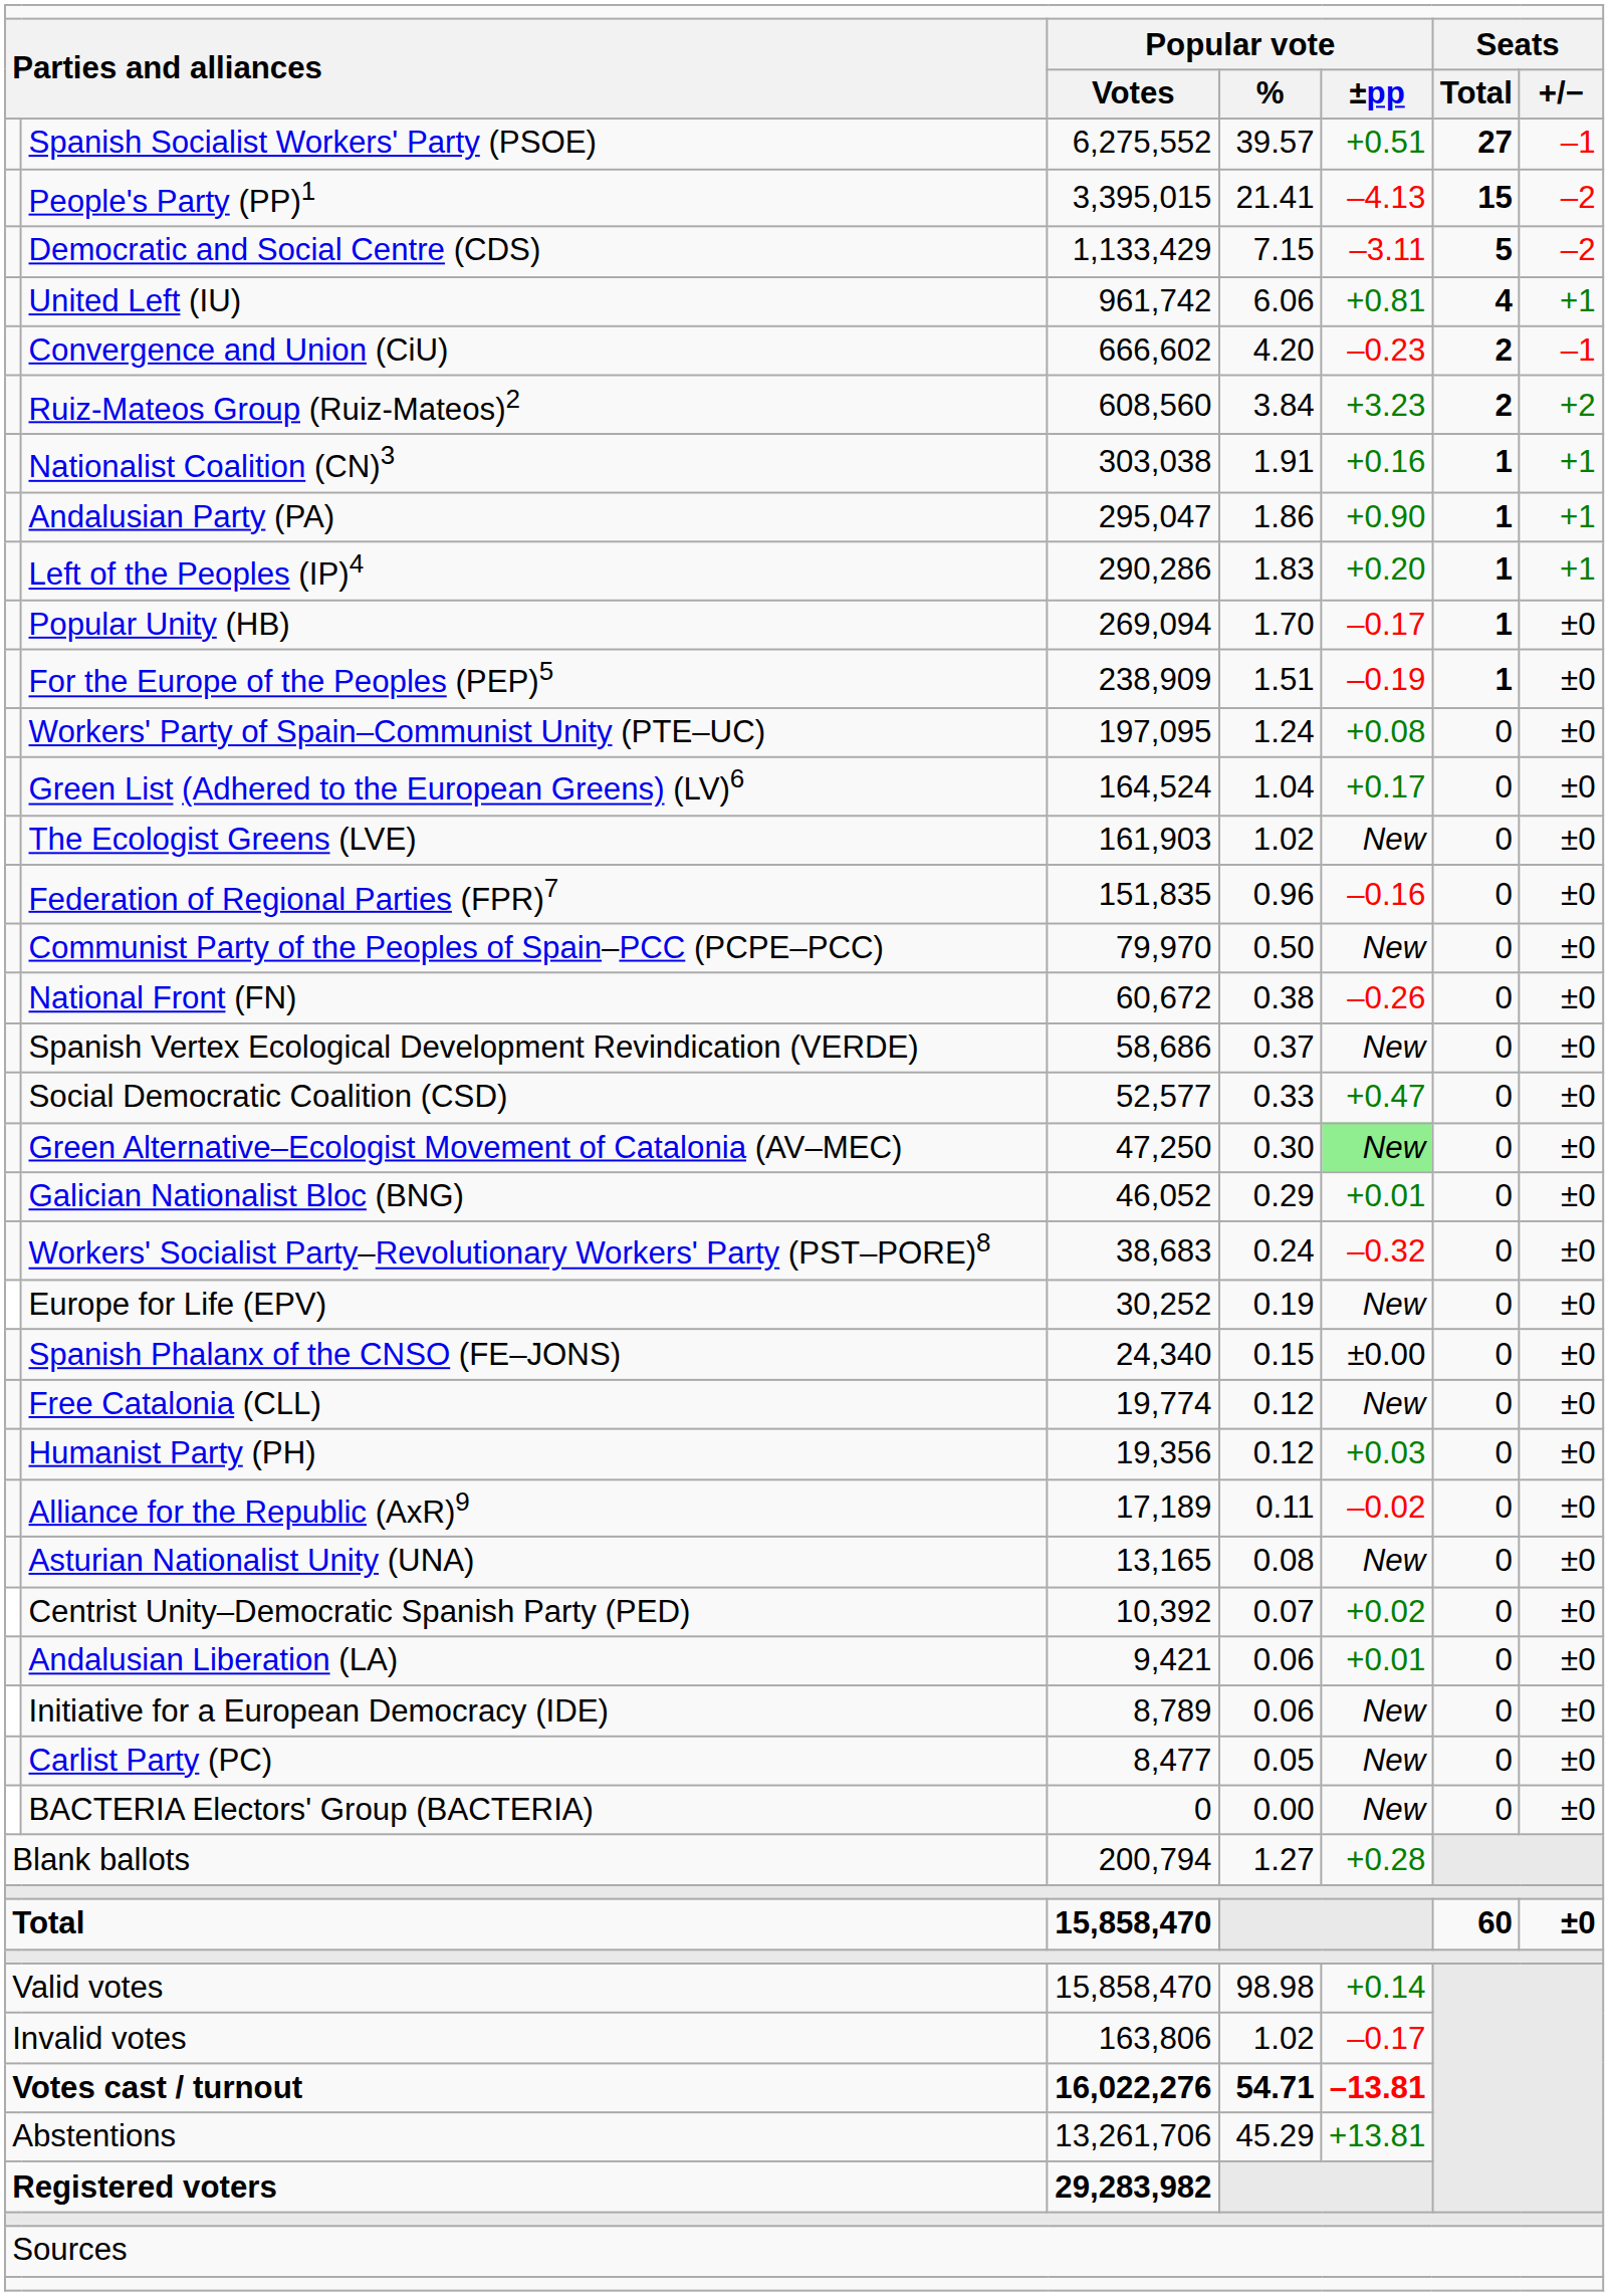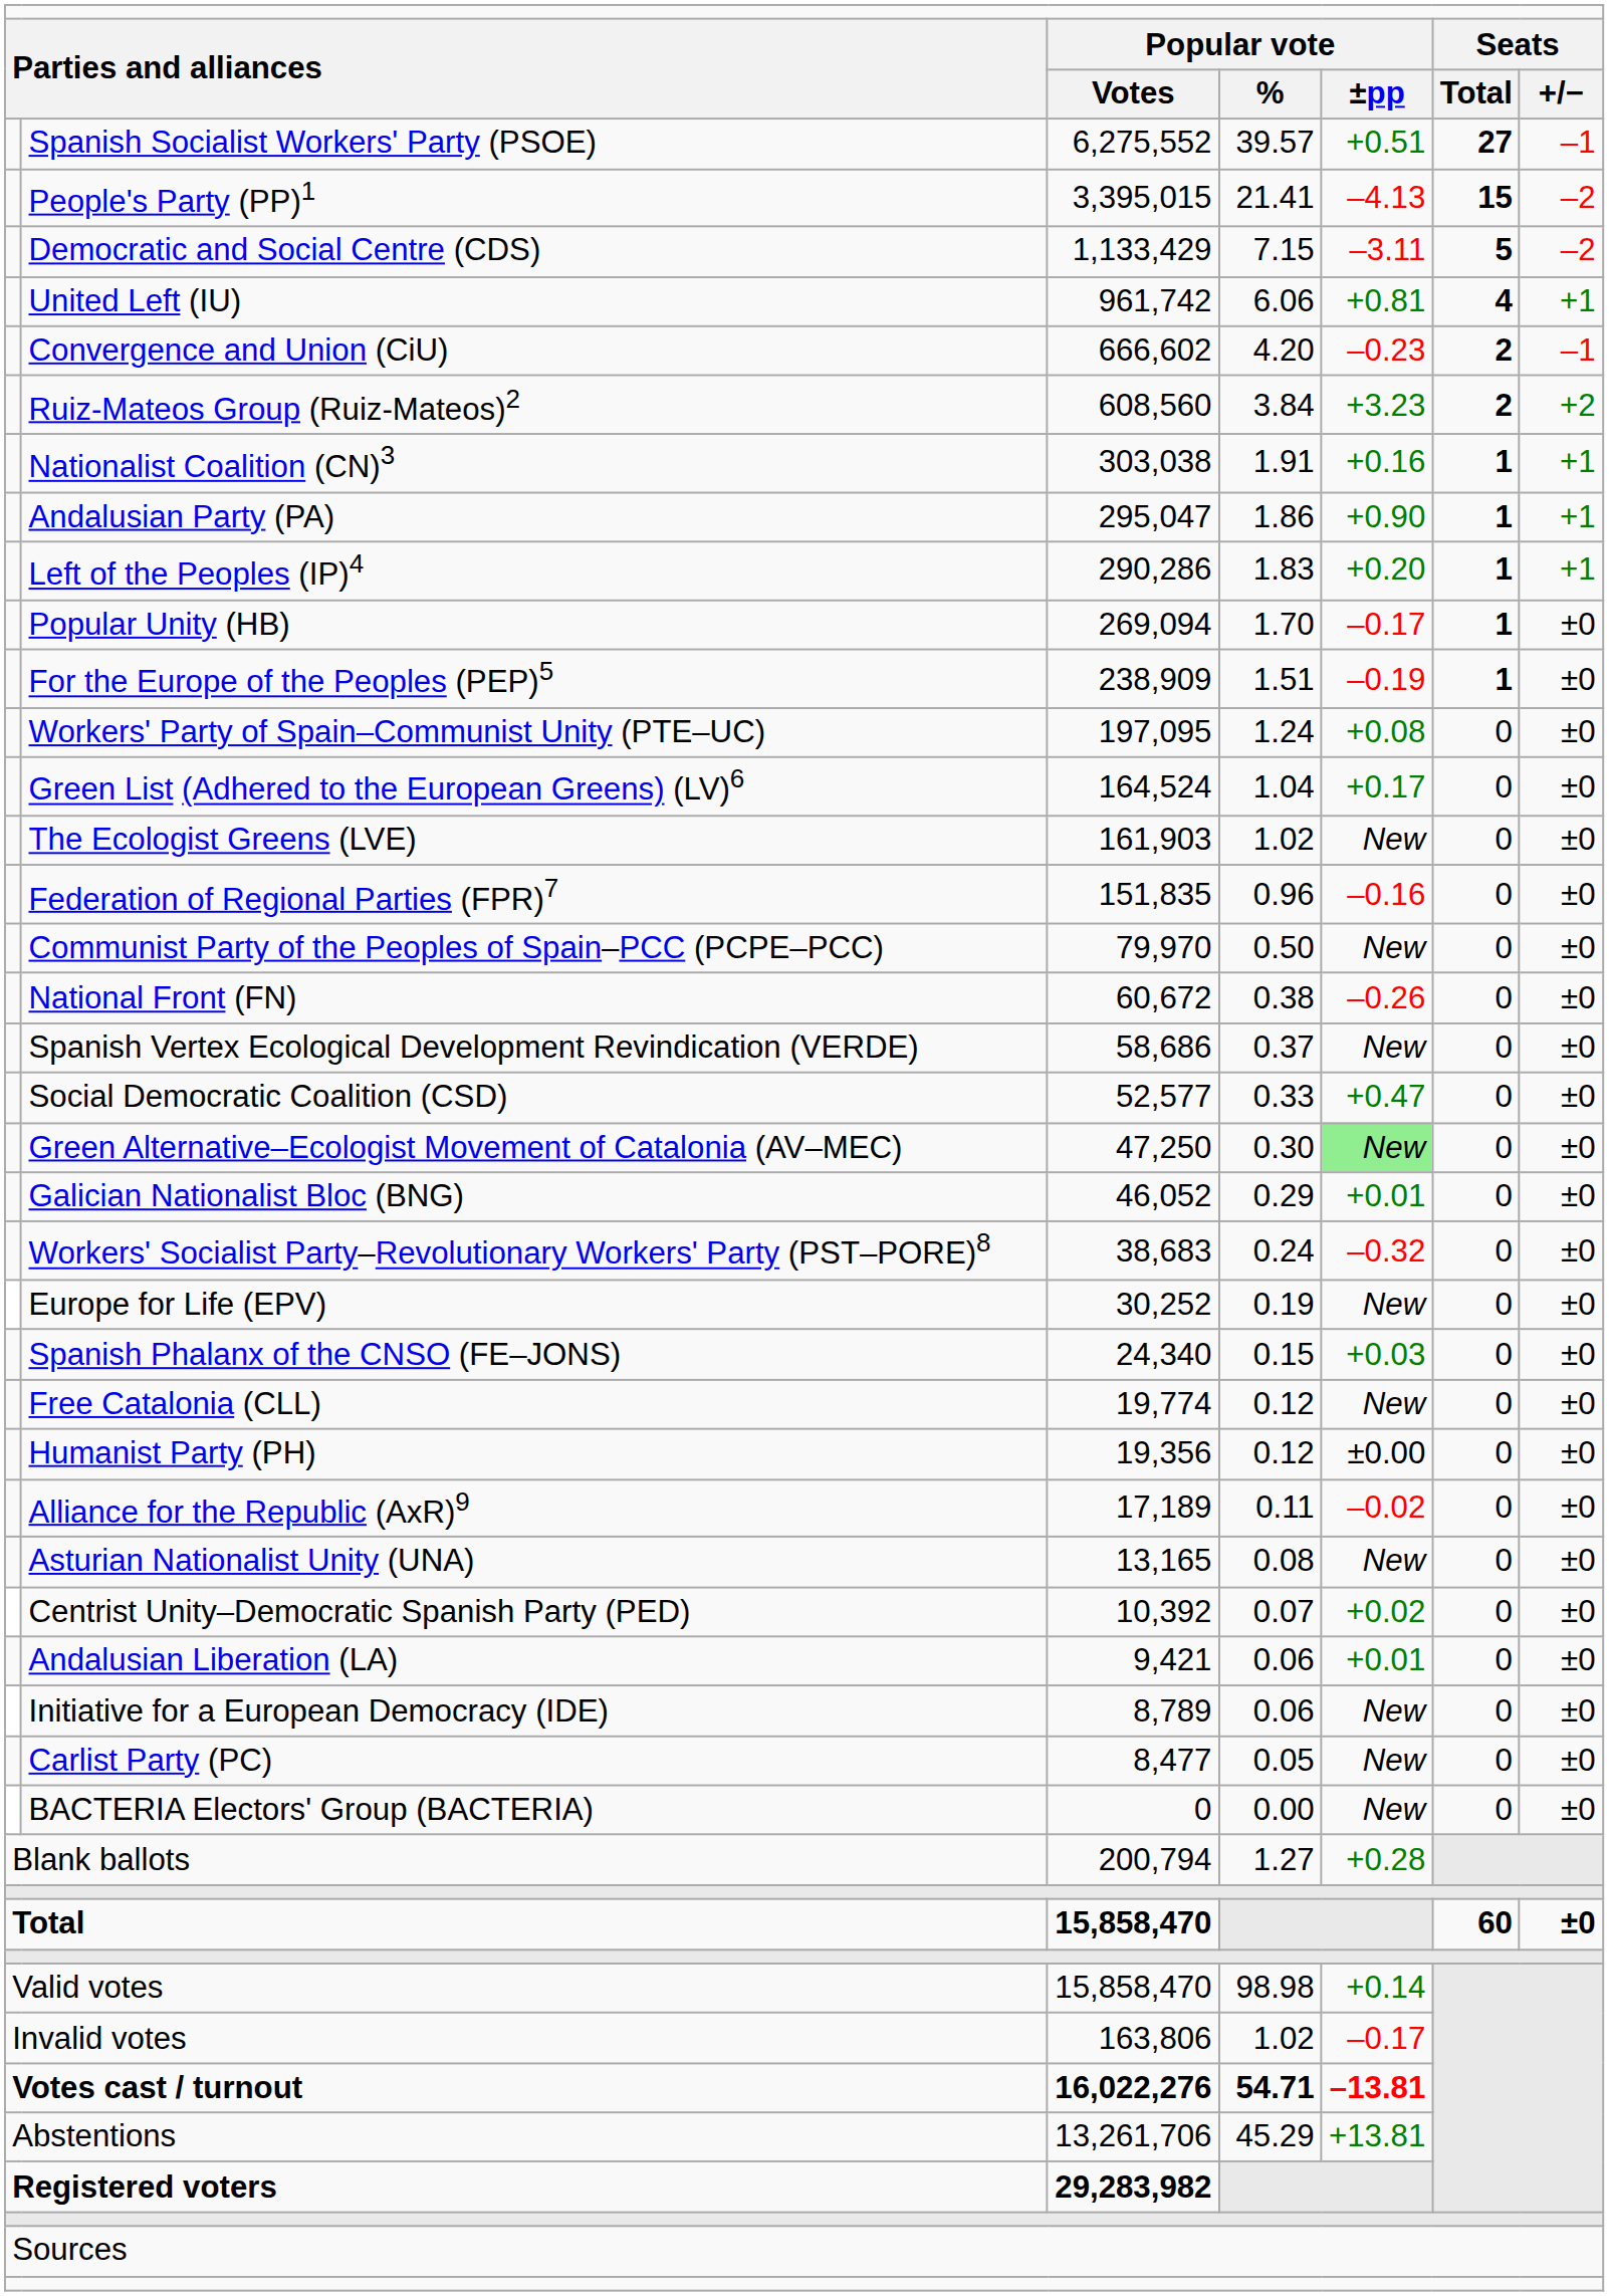 <table class="wikitable" style="text-align:right;">
 <tr>
 <td colspan="7"></td>
 </tr>
 <tr>
 <th style="text-align:left;" rowspan="2" colspan="2" width="525">Parties and alliances</th>
 <th colspan="3">Popular vote</th>
 <th colspan="2">Seats</th>
 </tr>
 <tr>
 <th width="75">Votes</th>
 <th width="45">%</th>
 <th width="45">±<a href='#'>pp</a></th>
 <th width="35">Total</th>
 <th width="35">+/−</th>
 </tr>
 <tr>
 <td width="1" style="color:inherit;background:"></td>
 <td align="left"><a href='#'>Spanish Socialist Workers' Party</a> (PSOE)</td>
 <td>6,275,552</td>
 <td>39.57</td>
 <td style="color:green;">+0.51</td>
 <td><strong>27</strong></td>
 <td style="color:red;">–1</td>
 </tr>
 <tr>
 <td style="color:inherit;background:"></td>
 <td align="left"><a href='#'>People's Party</a> (PP)<sup>1</sup></td>
 <td>3,395,015</td>
 <td>21.41</td>
 <td style="color:red;">–4.13</td>
 <td><strong>15</strong></td>
 <td style="color:red;">–2</td>
 </tr>
 <tr>
 <td style="color:inherit;background:"></td>
 <td align="left"><a href='#'>Democratic and Social Centre</a> (CDS)</td>
 <td>1,133,429</td>
 <td>7.15</td>
 <td style="color:red;">–3.11</td>
 <td><strong>5</strong></td>
 <td style="color:red;">–2</td>
 </tr>
 <tr>
 <td style="color:inherit;background:"></td>
 <td align="left"><a href='#'>United Left</a> (IU)</td>
 <td>961,742</td>
 <td>6.06</td>
 <td style="color:green;">+0.81</td>
 <td><strong>4</strong></td>
 <td style="color:green;">+1</td>
 </tr>
 <tr>
 <td style="color:inherit;background:"></td>
 <td align="left"><a href='#'>Convergence and Union</a> (CiU)</td>
 <td>666,602</td>
 <td>4.20</td>
 <td style="color:red;">–0.23</td>
 <td><strong>2</strong></td>
 <td style="color:red;">–1</td>
 </tr>
 <tr>
 <td style="color:inherit;background:"></td>
 <td align="left"><a href='#'>Ruiz-Mateos Group</a> (Ruiz-Mateos)<sup>2</sup></td>
 <td>608,560</td>
 <td>3.84</td>
 <td style="color:green;">+3.23</td>
 <td><strong>2</strong></td>
 <td style="color:green;">+2</td>
 </tr>
 <tr>
 <td style="color:inherit;background:"></td>
 <td align="left"><a href='#'>Nationalist Coalition</a> (CN)<sup>3</sup></td>
 <td>303,038</td>
 <td>1.91</td>
 <td style="color:green;">+0.16</td>
 <td><strong>1</strong></td>
 <td style="color:green;">+1</td>
 </tr>
 <tr>
 <td style="color:inherit;background:"></td>
 <td align="left"><a href='#'>Andalusian Party</a> (PA)</td>
 <td>295,047</td>
 <td>1.86</td>
 <td style="color:green;">+0.90</td>
 <td><strong>1</strong></td>
 <td style="color:green;">+1</td>
 </tr>
 <tr>
 <td style="color:inherit;background:"></td>
 <td align="left"><a href='#'>Left of the Peoples</a> (IP)<sup>4</sup></td>
 <td>290,286</td>
 <td>1.83</td>
 <td style="color:green;">+0.20</td>
 <td><strong>1</strong></td>
 <td style="color:green;">+1</td>
 </tr>
 <tr>
 <td style="color:inherit;background:"></td>
 <td align="left"><a href='#'>Popular Unity</a> (HB)</td>
 <td>269,094</td>
 <td>1.70</td>
 <td style="color:red;">–0.17</td>
 <td><strong>1</strong></td>
 <td>±0</td>
 </tr>
 <tr>
 <td style="color:inherit;background:"></td>
 <td align="left"><a href='#'>For the Europe of the Peoples</a> (PEP)<sup>5</sup></td>
 <td>238,909</td>
 <td>1.51</td>
 <td style="color:red;">–0.19</td>
 <td><strong>1</strong></td>
 <td>±0</td>
 </tr>
 <tr>
 <td style="color:inherit;background:"></td>
 <td align="left"><a href='#'>Workers' Party of Spain–Communist Unity</a> (PTE–UC)</td>
 <td>197,095</td>
 <td>1.24</td>
 <td style="color:green;">+0.08</td>
 <td>0</td>
 <td>±0</td>
 </tr>
 <tr>
 <td style="color:inherit;background:"></td>
 <td align="left"><a href='#'>Green List</a> <a href='#'>(Adhered to the European Greens)</a> (LV)<sup>6</sup></td>
 <td>164,524</td>
 <td>1.04</td>
 <td style="color:green;">+0.17</td>
 <td>0</td>
 <td>±0</td>
 </tr>
 <tr>
 <td style="color:inherit;background:"></td>
 <td align="left"><a href='#'>The Ecologist Greens</a> (LVE)</td>
 <td>161,903</td>
 <td>1.02</td>
 <td><em>New</em></td>
 <td>0</td>
 <td>±0</td>
 </tr>
 <tr>
 <td style="color:inherit;background:"></td>
 <td align="left"><a href='#'>Federation of Regional Parties</a> (FPR)<sup>7</sup></td>
 <td>151,835</td>
 <td>0.96</td>
 <td style="color:red;">–0.16</td>
 <td>0</td>
 <td>±0</td>
 </tr>
 <tr>
 <td style="color:inherit;background:"></td>
 <td align="left"><a href='#'>Communist Party of the Peoples of Spain</a>–<a href='#'>PCC</a> (PCPE–PCC)</td>
 <td>79,970</td>
 <td>0.50</td>
 <td><em>New</em></td>
 <td>0</td>
 <td>±0</td>
 </tr>
 <tr>
 <td style="color:inherit;background:"></td>
 <td align="left"><a href='#'>National Front</a> (FN)</td>
 <td>60,672</td>
 <td>0.38</td>
 <td style="color:red;">–0.26</td>
 <td>0</td>
 <td>±0</td>
 </tr>
 <tr>
 <td style="color:inherit;background:"></td>
 <td align="left">Spanish Vertex Ecological Development Revindication (VERDE)</td>
 <td>58,686</td>
 <td>0.37</td>
 <td><em>New</em></td>
 <td>0</td>
 <td>±0</td>
 </tr>
 <tr>
 <td style="color:inherit;background:"></td>
 <td align="left">Social Democratic Coalition (CSD)</td>
 <td>52,577</td>
 <td>0.33</td>
 <td style="color:green;">+0.47</td>
 <td>0</td>
 <td>±0</td>
 </tr>
 <tr>
 <td style="color:inherit;background:"></td>
 <td align="left"><a href='#'>Green Alternative–Ecologist Movement of Catalonia</a> (AV–MEC)</td>
 <td>47,250</td>
 <td>0.30</td>
 <td style="background: lightgreen;"><em>New</em></td>
 <td>0</td>
 <td>±0</td>
 </tr>
 <tr>
 <td style="color:inherit;background:"></td>
 <td align="left"><a href='#'>Galician Nationalist Bloc</a> (BNG)</td>
 <td>46,052</td>
 <td>0.29</td>
 <td style="color:green;">+0.01</td>
 <td>0</td>
 <td>±0</td>
 </tr>
 <tr>
 <td style="color:inherit;background:"></td>
 <td align="left"><a href='#'>Workers' Socialist Party</a>–<a href='#'>Revolutionary Workers' Party</a> (PST–PORE)<sup>8</sup></td>
 <td>38,683</td>
 <td>0.24</td>
 <td style="color:red;">–0.32</td>
 <td>0</td>
 <td>±0</td>
 </tr>
 <tr>
 <td bgcolor="white"></td>
 <td align="left">Europe for Life (EPV)</td>
 <td>30,252</td>
 <td>0.19</td>
 <td><em>New</em></td>
 <td>0</td>
 <td>±0</td>
 </tr>
 <tr>
 <td style="color:inherit;background:"></td>
 <td align="left"><a href='#'>Spanish Phalanx of the CNSO</a> (FE–JONS)</td>
 <td>24,340</td>
 <td>0.15</td>
-<td>±0.00</td>
+<td style="color:green;">+0.03</td>
 <td>0</td>
 <td>±0</td>
 </tr>
 <tr>
 <td style="color:inherit;background:"></td>
 <td align="left"><a href='#'>Free Catalonia</a> (CLL)</td>
 <td>19,774</td>
 <td>0.12</td>
 <td><em>New</em></td>
 <td>0</td>
 <td>±0</td>
 </tr>
 <tr>
 <td style="color:inherit;background:"></td>
 <td align="left"><a href='#'>Humanist Party</a> (PH)</td>
 <td>19,356</td>
 <td>0.12</td>
-<td style="color:green;">+0.03</td>
+<td>±0.00</td>
 <td>0</td>
 <td>±0</td>
 </tr>
 <tr>
 <td style="color:inherit;background:"></td>
 <td align="left"><a href='#'>Alliance for the Republic</a> (AxR)<sup>9</sup></td>
 <td>17,189</td>
 <td>0.11</td>
 <td style="color:red;">–0.02</td>
 <td>0</td>
 <td>±0</td>
 </tr>
 <tr>
 <td style="color:inherit;background:"></td>
 <td align="left"><a href='#'>Asturian Nationalist Unity</a> (UNA)</td>
 <td>13,165</td>
 <td>0.08</td>
 <td><em>New</em></td>
 <td>0</td>
 <td>±0</td>
 </tr>
 <tr>
 <td bgcolor="white"></td>
 <td align="left">Centrist Unity–Democratic Spanish Party (PED)</td>
 <td>10,392</td>
 <td>0.07</td>
 <td style="color:green;">+0.02</td>
 <td>0</td>
 <td>±0</td>
 </tr>
 <tr>
 <td style="color:inherit;background:"></td>
 <td align="left"><a href='#'>Andalusian Liberation</a> (LA)</td>
 <td>9,421</td>
 <td>0.06</td>
 <td style="color:green;">+0.01</td>
 <td>0</td>
 <td>±0</td>
 </tr>
 <tr>
 <td bgcolor="white"></td>
 <td align="left">Initiative for a European Democracy (IDE)</td>
 <td>8,789</td>
 <td>0.06</td>
 <td><em>New</em></td>
 <td>0</td>
 <td>±0</td>
 </tr>
 <tr>
 <td style="color:inherit;background:"></td>
 <td align="left"><a href='#'>Carlist Party</a> (PC)</td>
 <td>8,477</td>
 <td>0.05</td>
 <td><em>New</em></td>
 <td>0</td>
 <td>±0</td>
 </tr>
 <tr>
 <td bgcolor="white"></td>
 <td align="left">BACTERIA Electors' Group (BACTERIA)</td>
 <td>0</td>
 <td>0.00</td>
 <td><em>New</em></td>
 <td>0</td>
 <td>±0</td>
 </tr>
 <tr>
 <td align="left" colspan="2">Blank ballots</td>
 <td>200,794</td>
 <td>1.27</td>
 <td style="color:green;">+0.28</td>
 <td bgcolor="#E9E9E9" colspan="2"></td>
 </tr>
 <tr>
 <td colspan="7" bgcolor="#E9E9E9"></td>
 </tr>
 <tr style="font-weight:bold;">
 <td align="left" colspan="2">Total</td>
 <td>15,858,470</td>
 <td bgcolor="#E9E9E9" colspan="2"></td>
 <td>60</td>
 <td>±0</td>
 </tr>
 <tr>
 <td colspan="7" bgcolor="#E9E9E9"></td>
 </tr>
 <tr>
 <td align="left" colspan="2">Valid votes</td>
 <td>15,858,470</td>
 <td>98.98</td>
 <td style="color:green;">+0.14</td>
 <td bgcolor="#E9E9E9" colspan="2" rowspan="5"></td>
 </tr>
 <tr>
 <td align="left" colspan="2">Invalid votes</td>
 <td>163,806</td>
 <td>1.02</td>
 <td style="color:red;">–0.17</td>
 </tr>
 <tr style="font-weight:bold;">
 <td align="left" colspan="2">Votes cast / turnout</td>
 <td>16,022,276</td>
 <td>54.71</td>
 <td style="color:red;">–13.81</td>
 </tr>
 <tr>
 <td align="left" colspan="2">Abstentions</td>
 <td>13,261,706</td>
 <td>45.29</td>
 <td style="color:green;">+13.81</td>
 </tr>
 <tr style="font-weight:bold;">
 <td align="left" colspan="2">Registered voters</td>
 <td>29,283,982</td>
 <td bgcolor="#E9E9E9" colspan="2"></td>
 </tr>
 <tr>
 <td colspan="7" bgcolor="#E9E9E9"></td>
 </tr>
 <tr>
 <td align="left" colspan="7">Sources</td>
 </tr>
 <tr>
 <td colspan="7" style="text-align:left; max-width:790px;"></td>
 </tr>
 </table>
